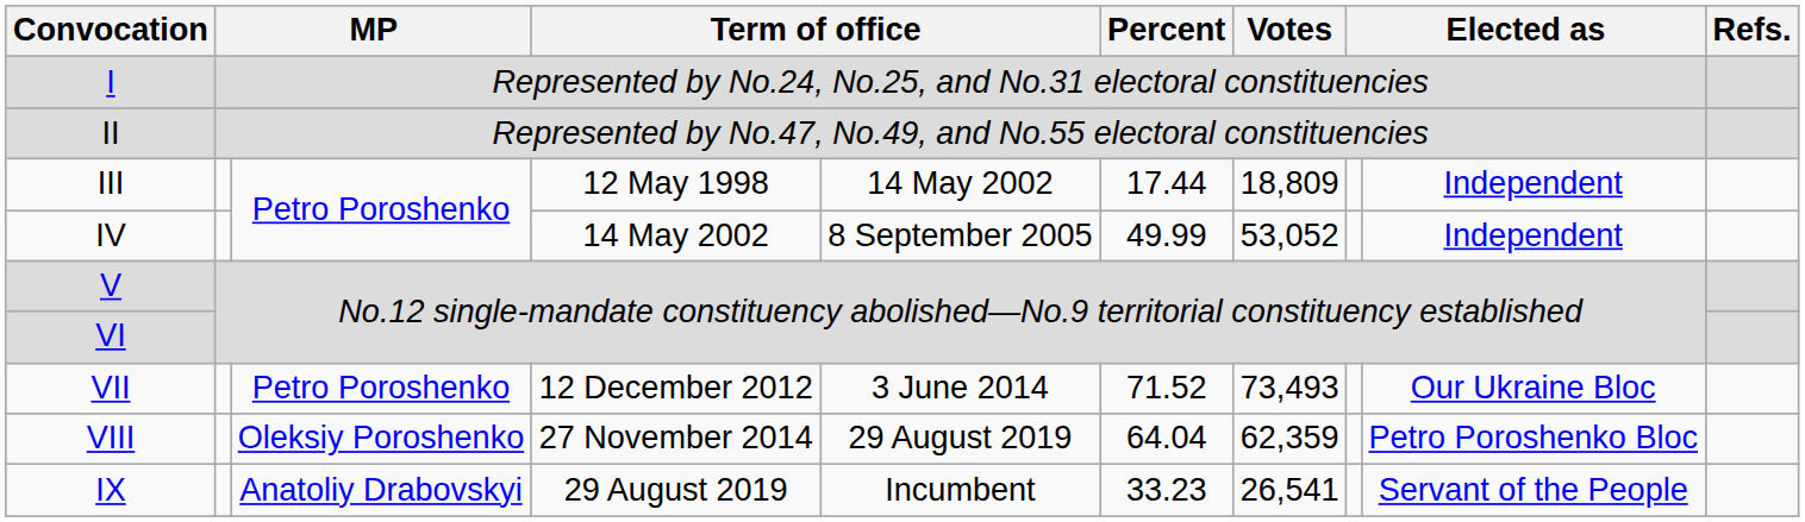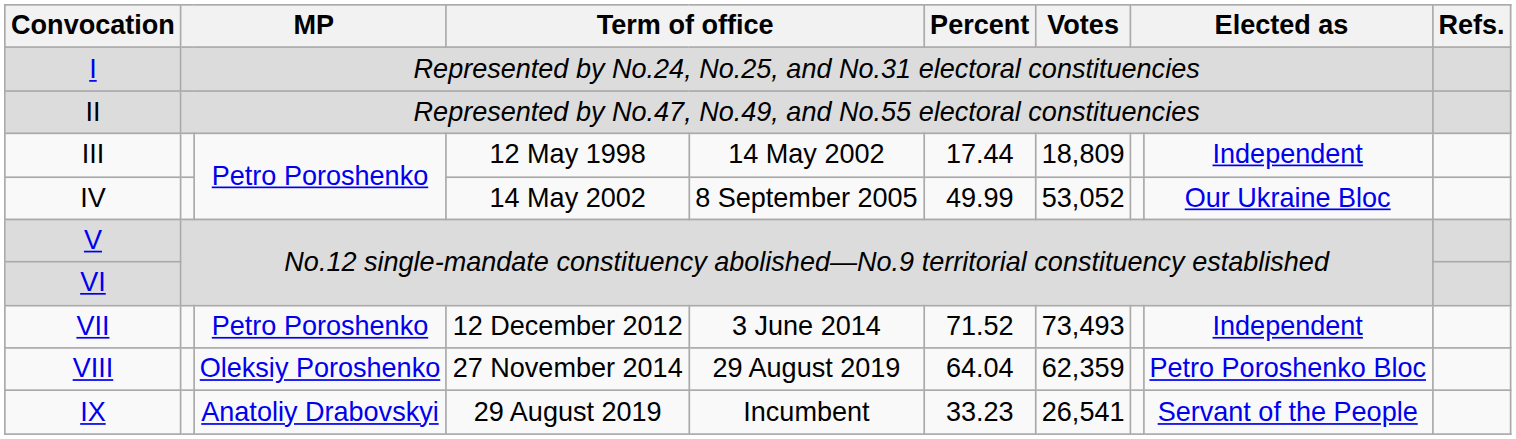 <table class=wikitable>
 <tr>
 <th>Convocation</th>
 <th colspan=2>MP</th>
 <th colspan=2>Term of office</th>
 <th>Percent</th>
 <th>Votes</th>
 <th colspan=2>Elected as</th>
 <th>Refs.</th>
 </tr>
 <tr>
 <td style="background-color:#DCDCDC" align=center><a href='#'>I</a></td>
 <td colspan=8 style="background-color:#DCDCDC" align=center><em>Represented by No.24, No.25, and No.31 electoral constituencies</em></td>
 <td style="background-color:#DCDCDC" align=center></td>
 </tr>
 <tr>
 <td style="background-color:#DCDCDC" align=center>II</td>
 <td colspan=8 style="background-color:#DCDCDC" align=center><em>Represented by No.47, No.49, and No.55 electoral constituencies</em></td>
 <td style="background-color:#DCDCDC" align=center></td>
 </tr>
 <tr>
 <td align=center>III</td>
 <td style="background-color:"></td>
 <td align=center rowspan=2><a href='#'>Petro Poroshenko</a></td>
 <td align=center>12 May 1998</td>
 <td align=center>14 May 2002</td>
 <td align=center>17.44</td>
 <td align=center>18,809</td>
 <td style="background-color:"></td>
 <td align=center><a href='#'>Independent</a></td>
 <td align=center></td>
 </tr>
 <tr>
 <td align=center>IV</td>
 <td style="background-color:"></td>
 <td align=center>14 May 2002</td>
 <td align=center>8 September 2005</td>
 <td align=center>49.99</td>
 <td align=center>53,052</td>
 <td style="background-color:"></td>
-<td align=center><a href='#'>Independent</a></td>
+<td align=center><a href='#'>Our Ukraine Bloc</a></td>
 <td align=center></td>
 </tr>
 <tr>
 <td style="background-color:#DCDCDC" align=center><a href='#'>V</a></td>
 <td rowspan=2 colspan=8 style="background-color:#DCDCDC" align=center><em>No.12 single-mandate constituency abolished—No.9 territorial constituency established</em></td>
 <td style="background-color:#DCDCDC" align=center></td>
 </tr>
 <tr>
 <td style="background-color:#DCDCDC" align=center><a href='#'>VI</a></td>
 <td style="background-color:#DCDCDC" align=center></td>
 </tr>
 <tr>
 <td align=center><a href='#'>VII</a></td>
 <td style="background-color:"></td>
 <td align=center><a href='#'>Petro Poroshenko</a></td>
 <td align=center>12 December 2012</td>
 <td align=center>3 June 2014</td>
 <td align=center>71.52</td>
 <td align=center>73,493</td>
 <td style="background-color:"></td>
-<td align=center><a href='#'>Our Ukraine Bloc</a></td>
+<td align=center><a href='#'>Independent</a></td>
 <td align=center></td>
 </tr>
 <tr>
 <td align=center><a href='#'>VIII</a></td>
 <td style="background-color:"></td>
 <td align=center><a href='#'>Oleksiy Poroshenko</a></td>
 <td align=center>27 November 2014</td>
 <td align=center>29 August 2019</td>
 <td align=center>64.04</td>
 <td align=center>62,359</td>
 <td style="background-color:"></td>
 <td align=center><a href='#'>Petro Poroshenko Bloc</a></td>
 <td align=center></td>
 </tr>
 <tr>
 <td align=center><a href='#'>IX</a></td>
 <td style="background-color:"></td>
 <td align=center><a href='#'>Anatoliy Drabovskyi</a></td>
 <td align=center>29 August 2019</td>
 <td align=center>Incumbent</td>
 <td align=center>33.23</td>
 <td align=center>26,541</td>
 <td style="background-color:"></td>
 <td align=center><a href='#'>Servant of the People</a></td>
 <td align=center></td>
 </tr>
 </table>
